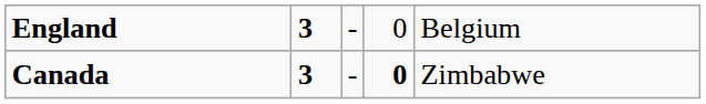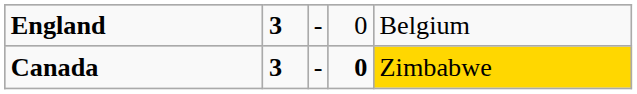 <table class="wikitable">
 <tr>
 <td width=150> <strong>England</strong></td>
 <td style="width:20px; text-align:left;"><strong>3</strong></td>
 <td>-</td>
 <td style="width:20px; text-align:right;">0</td>
 <td width=150> Belgium</td>
 </tr>
 <tr>
 <td> <strong>Canada</strong></td>
 <td style="text-align:left;"><strong>3</strong></td>
 <td>-</td>
 <td style="text-align:right;"><strong>0</strong></td>
-<td> Zimbabwe</td>
+<td style="background: gold;"> Zimbabwe</td>
 </tr>
 </table>
